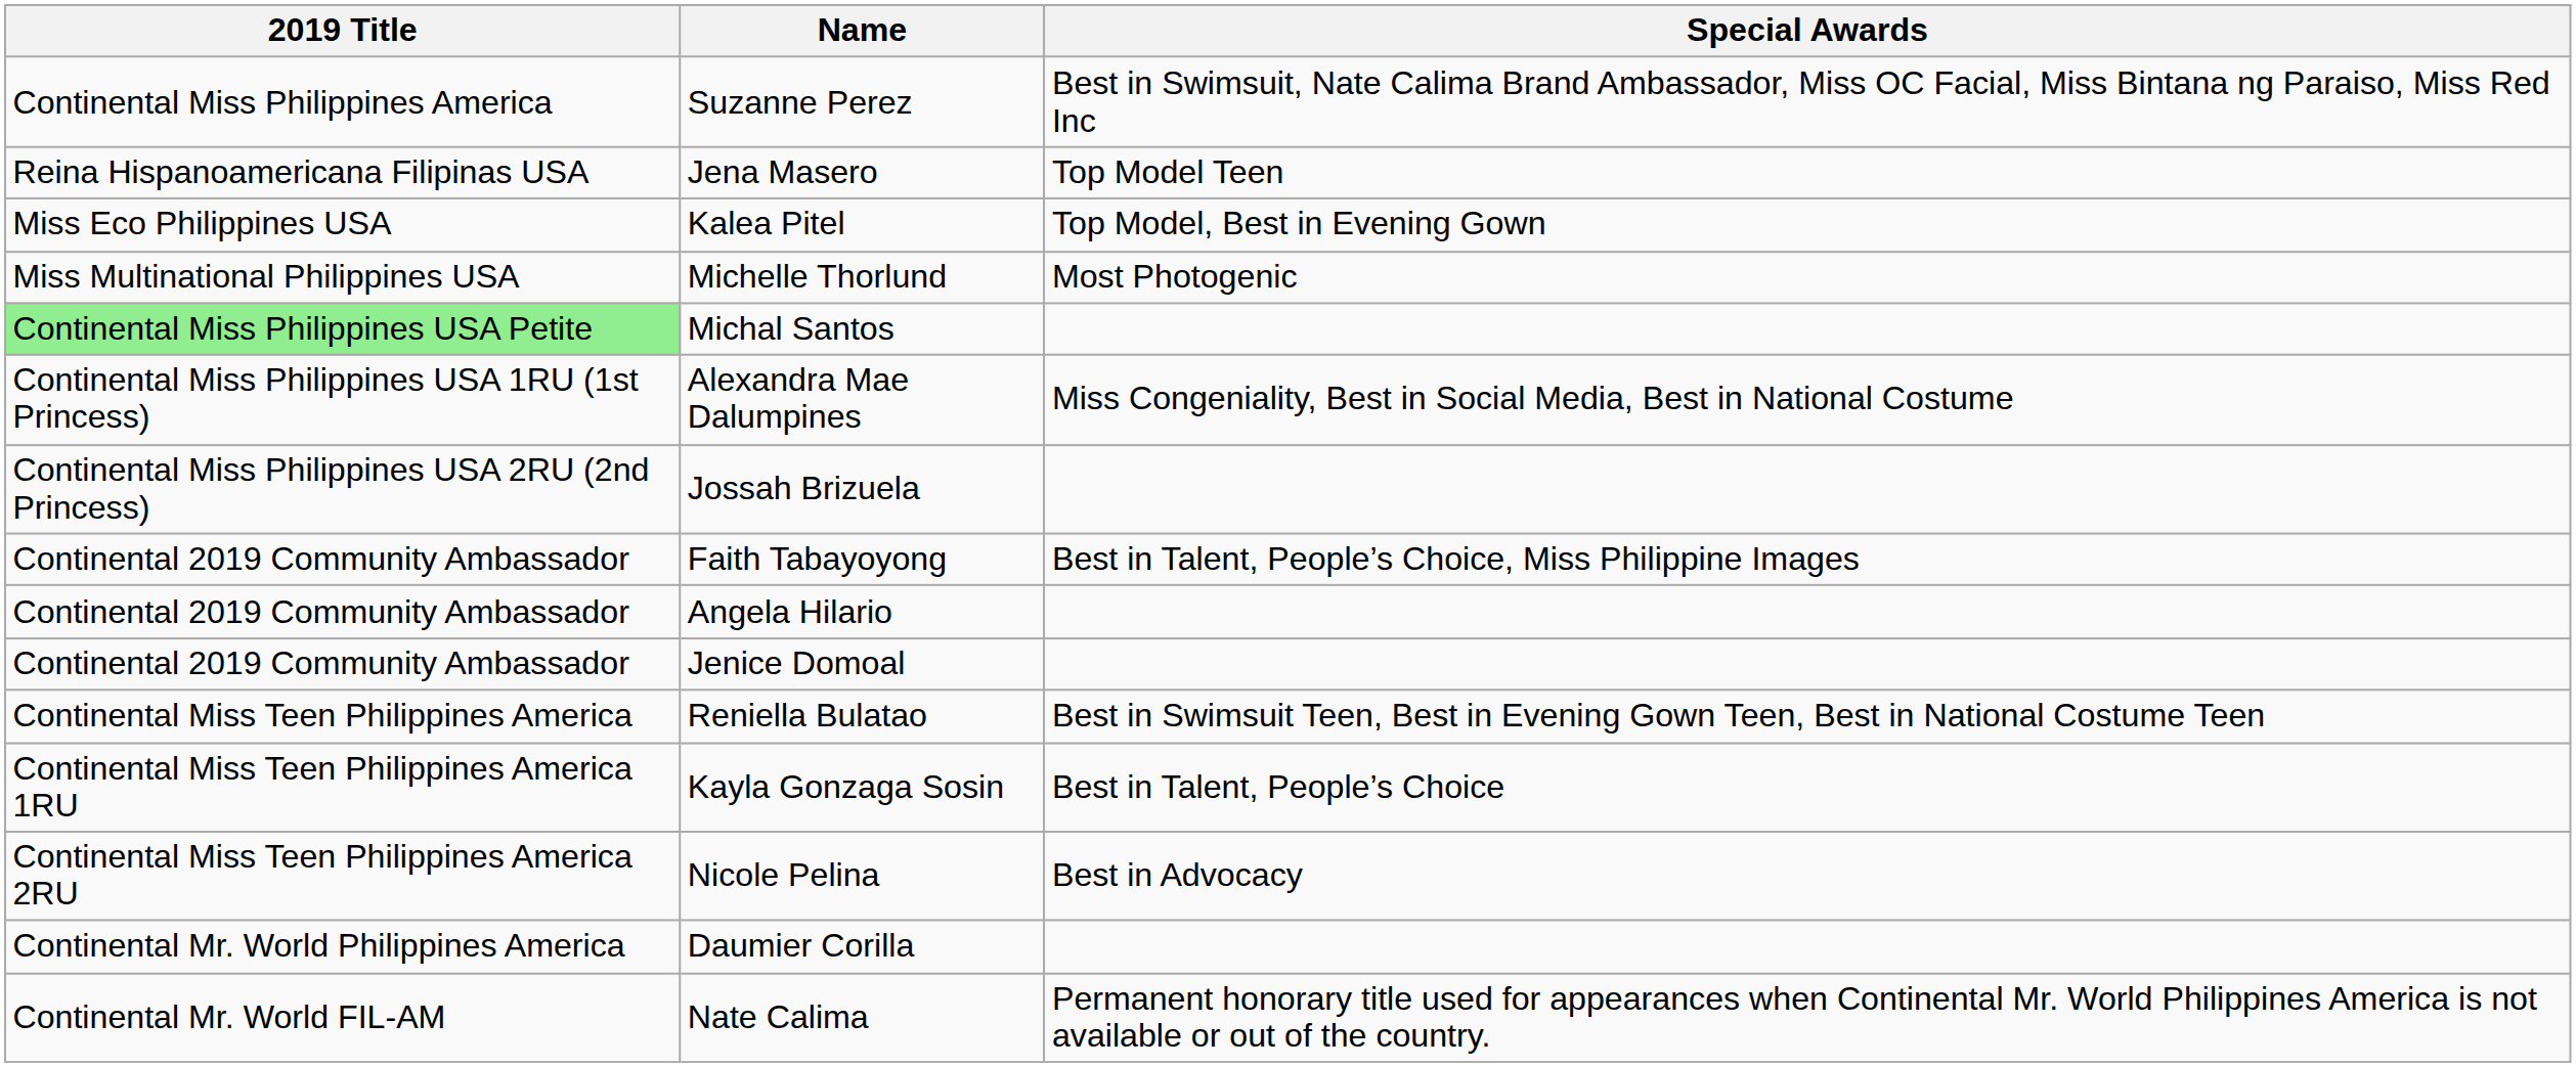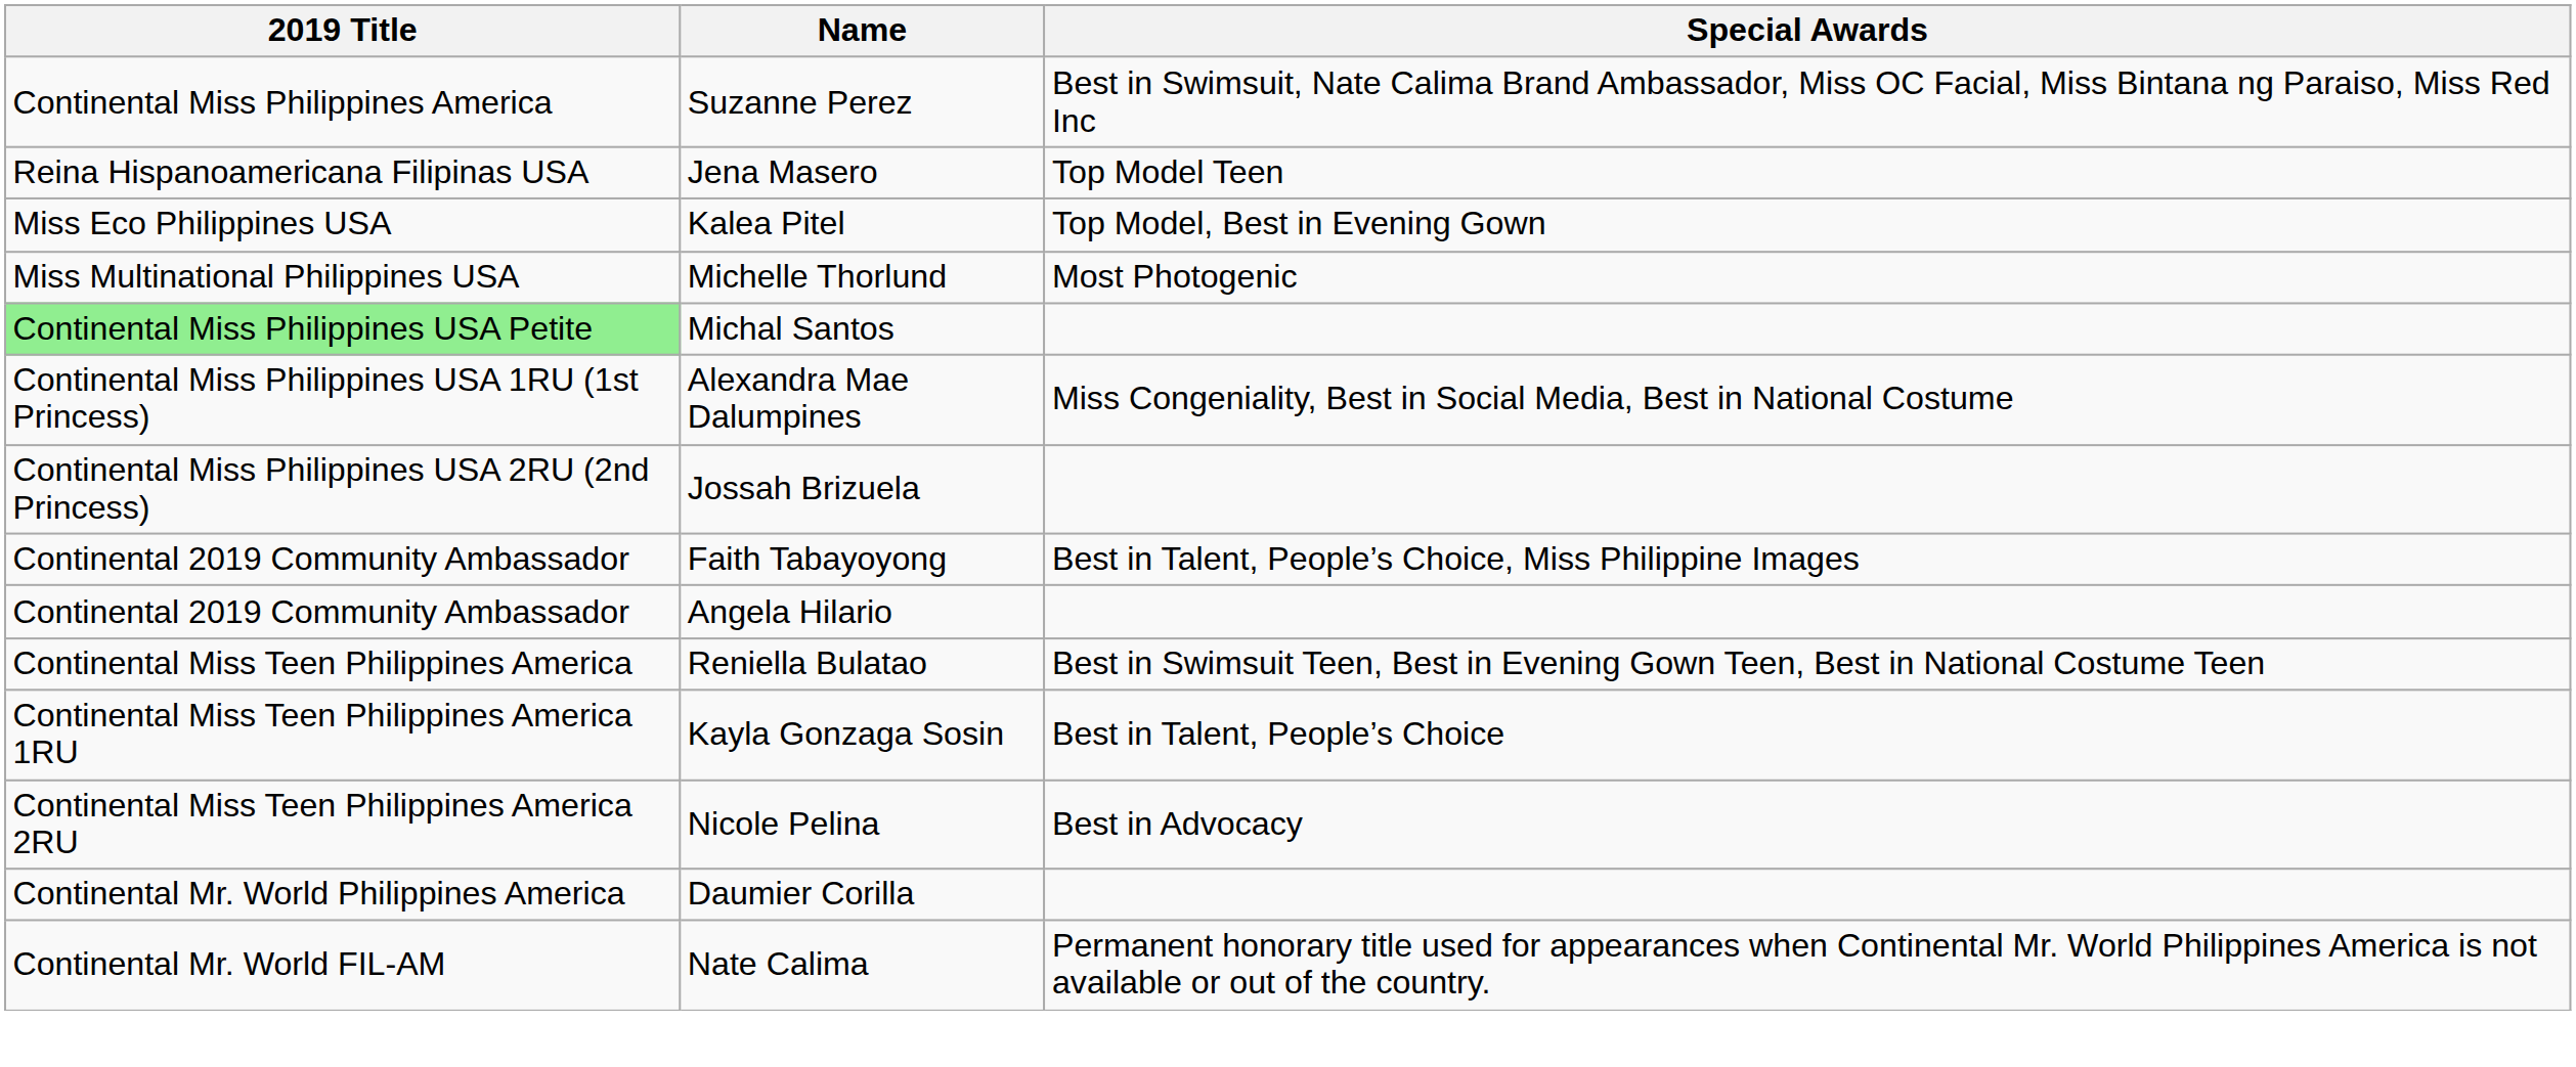 <table class="wikitable">
 <tr>
 <th>2019 Title</th>
 <th>Name</th>
 <th>Special Awards</th>
 </tr>
 <tr>
 <td>Continental Miss Philippines America</td>
 <td>Suzanne Perez</td>
 <td>Best in Swimsuit, Nate Calima Brand Ambassador, Miss OC Facial, Miss Bintana ng Paraiso, Miss Red Inc</td>
 </tr>
 <tr>
 <td>Reina Hispanoamericana Filipinas USA</td>
 <td>Jena Masero</td>
 <td>Top Model Teen</td>
 </tr>
 <tr>
 <td>Miss Eco Philippines USA</td>
 <td>Kalea Pitel</td>
 <td>Top Model, Best in Evening Gown⁣⁣</td>
 </tr>
 <tr>
 <td>Miss Multinational Philippines USA</td>
 <td>Michelle Thorlund</td>
 <td>Most Photogenic⁣⁣</td>
 </tr>
 <tr>
 <td style="background: lightgreen;">Continental Miss Philippines USA Petite</td>
 <td>Michal Santos</td>
 <td></td>
 </tr>
 <tr>
 <td>Continental Miss Philippines USA 1RU (1st Princess)</td>
 <td>Alexandra Mae Dalumpines</td>
 <td>Miss Congeniality, Best in Social Media, Best in National Costume</td>
 </tr>
 <tr>
 <td>Continental Miss Philippines USA 2RU (2nd Princess)</td>
 <td>Jossah Brizuela</td>
 <td></td>
 </tr>
 <tr>
 <td>Continental 2019 Community Ambassador</td>
 <td>Faith Tabayoyong</td>
 <td>Best in Talent, People’s Choice, Miss Philippine Images</td>
 </tr>
 <tr>
 <td>Continental 2019 Community Ambassador</td>
 <td>Angela Hilario</td>
 <td></td>
 </tr>
 <tr>
-<td>Continental 2019 Community Ambassador</td>
-<td>Jenice Domoal</td>
-<td></td>
-</tr>
-<tr>
 <td>Continental Miss Teen Philippines America</td>
 <td>Reniella Bulatao</td>
 <td>Best in Swimsuit Teen, Best in Evening Gown Teen, Best in National Costume Teen</td>
 </tr>
 <tr>
 <td>Continental Miss Teen Philippines America 1RU</td>
 <td>Kayla Gonzaga Sosin</td>
 <td>Best in Talent, People’s Choice⁣</td>
 </tr>
 <tr>
 <td>Continental Miss Teen Philippines America 2RU</td>
 <td>Nicole Pelina</td>
 <td>Best in Advocacy</td>
 </tr>
 <tr>
 <td>Continental Mr. World Philippines America</td>
 <td>Daumier Corilla</td>
 <td></td>
 </tr>
 <tr>
 <td>Continental Mr. World FIL-AM</td>
 <td>Nate Calima</td>
 <td>Permanent honorary title used for appearances when Continental Mr. World Philippines America is not available or out of the country.</td>
 </tr>
 </table>
